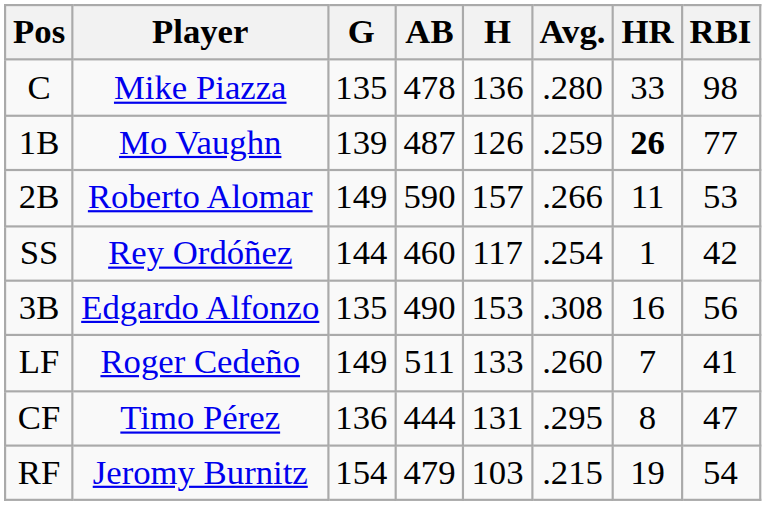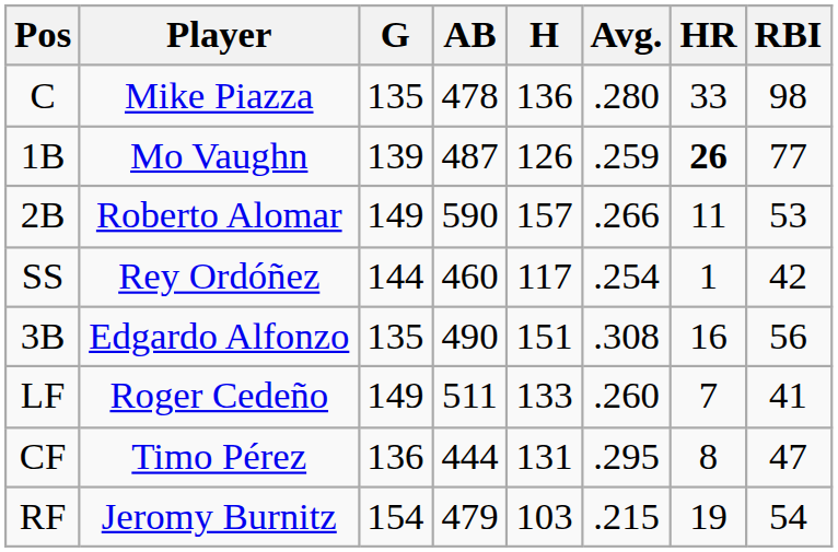 <table class="wikitable sortable">
 <tr>
 <th>Pos</th>
 <th>Player</th>
 <th>G</th>
 <th>AB</th>
 <th>H</th>
 <th>Avg.</th>
 <th>HR</th>
 <th>RBI</th>
 </tr>
 <tr align=center>
 <td>C</td>
 <td><a href='#'>Mike Piazza</a></td>
 <td>135</td>
 <td>478</td>
 <td>136</td>
 <td>.280</td>
 <td>33</td>
 <td>98</td>
 </tr>
 <tr align=center>
 <td>1B</td>
 <td><a href='#'>Mo Vaughn</a></td>
 <td>139</td>
 <td>487</td>
 <td>126</td>
 <td>.259</td>
 <td><strong>26</strong></td>
 <td>77</td>
 </tr>
 <tr align=center>
 <td>2B</td>
 <td><a href='#'>Roberto Alomar</a></td>
 <td>149</td>
 <td>590</td>
 <td>157</td>
 <td>.266</td>
 <td>11</td>
 <td>53</td>
 </tr>
 <tr align=center>
 <td>SS</td>
 <td><a href='#'>Rey Ordóñez</a></td>
 <td>144</td>
 <td>460</td>
 <td>117</td>
 <td>.254</td>
 <td>1</td>
 <td>42</td>
 </tr>
 <tr align=center>
 <td>3B</td>
 <td><a href='#'>Edgardo Alfonzo</a></td>
 <td>135</td>
 <td>490</td>
-<td>153</td>
+<td>151</td>
 <td>.308</td>
 <td>16</td>
 <td>56</td>
 </tr>
 <tr align=center>
 <td>LF</td>
 <td><a href='#'>Roger Cedeño</a></td>
 <td>149</td>
 <td>511</td>
 <td>133</td>
 <td>.260</td>
 <td>7</td>
 <td>41</td>
 </tr>
 <tr align=center>
 <td>CF</td>
 <td><a href='#'>Timo Pérez</a></td>
 <td>136</td>
 <td>444</td>
 <td>131</td>
 <td>.295</td>
 <td>8</td>
 <td>47</td>
 </tr>
 <tr align=center>
 <td>RF</td>
 <td><a href='#'>Jeromy Burnitz</a></td>
 <td>154</td>
 <td>479</td>
 <td>103</td>
 <td>.215</td>
 <td>19</td>
 <td>54</td>
 </tr>
 </table>
